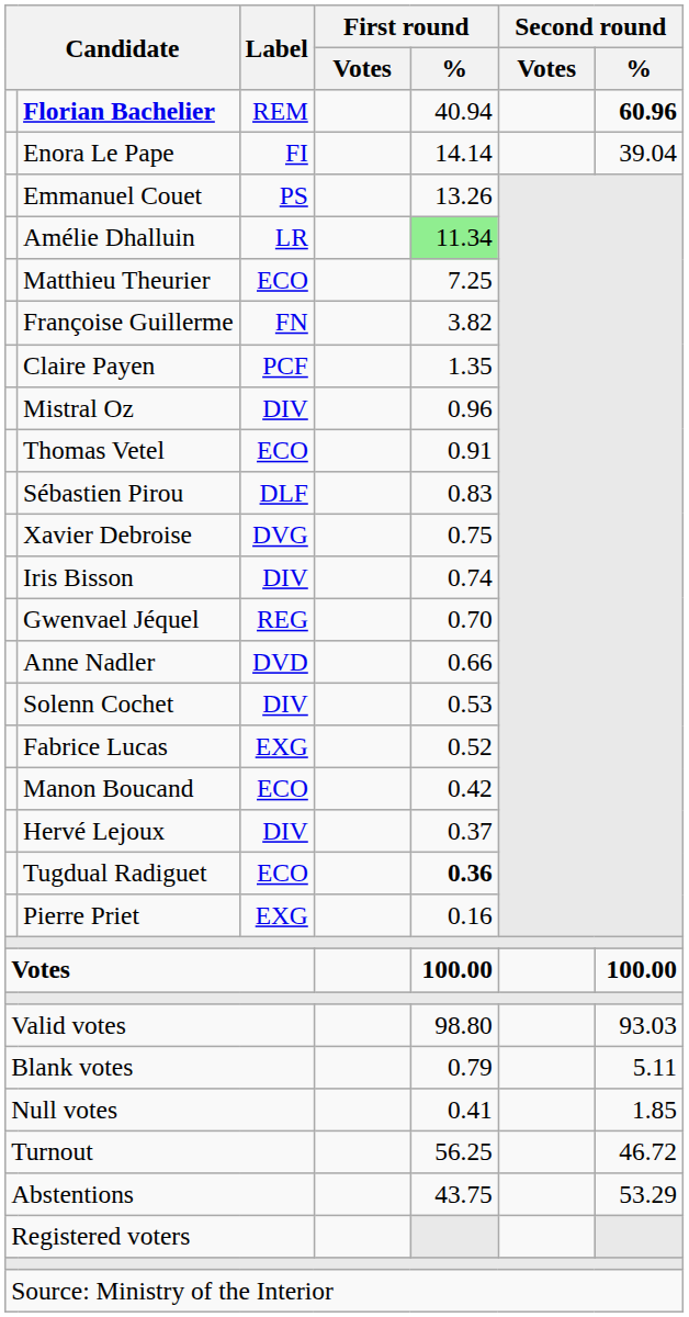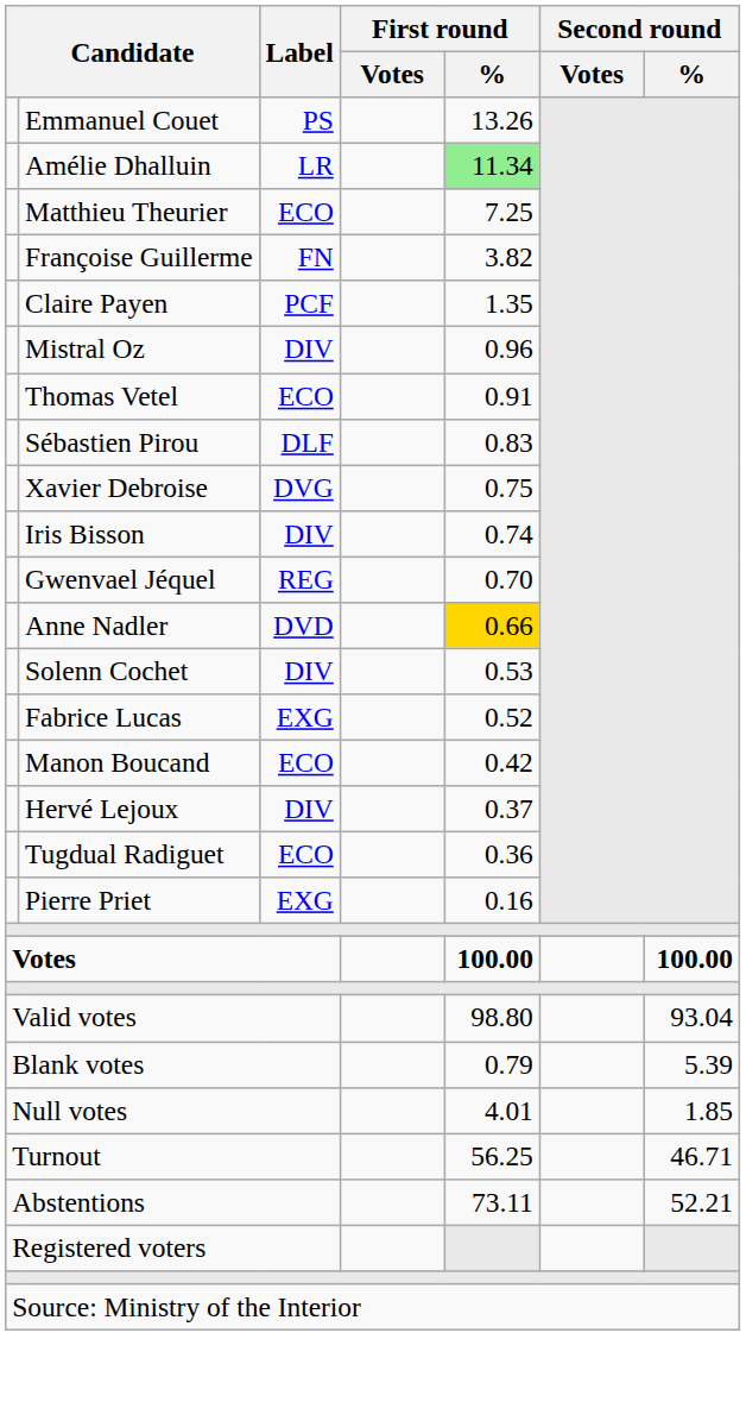 <table class="wikitable" style="text-align:right;font-size:95%;">
 <tr>
 <th rowspan="2" colspan="2">Candidate</th>
 <th rowspan="2">Label</th>
 <th colspan="2">First round</th>
 <th colspan="2">Second round</th>
 </tr>
 <tr>
 <th style="width:50px;">Votes</th>
 <th style="width:45px;">%</th>
 <th style="width:50px;">Votes</th>
 <th style="width:45px;">%</th>
-</tr>
-<tr>
-<td style="color:inherit;background:"></td>
-<td style="text-align:left;"><strong><a href='#'>Florian Bachelier</a></strong></td>
-<td><a href='#'>REM</a></td>
-<td></td>
-<td>40.94</td>
-<td><strong></strong></td>
-<td><strong>60.96</strong></td>
-</tr>
-<tr>
-<td style="color:inherit;background:"></td>
-<td style="text-align:left;">Enora Le Pape</td>
-<td><a href='#'>FI</a></td>
-<td></td>
-<td>14.14</td>
-<td></td>
-<td>39.04</td>
 </tr>
 <tr>
 <td style="color:inherit;background:"></td>
 <td style="text-align:left;">Emmanuel Couet</td>
 <td><a href='#'>PS</a></td>
 <td></td>
 <td>13.26</td>
 <td colspan="2" rowspan="18" style="background:#E9E9E9;"></td>
 </tr>
 <tr>
 <td style="color:inherit;background:"></td>
 <td style="text-align:left;">Amélie Dhalluin</td>
 <td><a href='#'>LR</a></td>
 <td></td>
 <td style="background: lightgreen;">11.34</td>
 </tr>
 <tr>
 <td style="color:inherit;background:"></td>
 <td style="text-align:left;">Matthieu Theurier</td>
 <td><a href='#'>ECO</a></td>
 <td></td>
 <td>7.25</td>
 </tr>
 <tr>
 <td style="color:inherit;background:"></td>
 <td style="text-align:left;">Françoise Guillerme</td>
 <td><a href='#'>FN</a></td>
 <td></td>
 <td>3.82</td>
 </tr>
 <tr>
 <td style="color:inherit;background:"></td>
 <td style="text-align:left;">Claire Payen</td>
 <td><a href='#'>PCF</a></td>
 <td></td>
 <td>1.35</td>
 </tr>
 <tr>
 <td style="color:inherit;background:"></td>
 <td style="text-align:left;">Mistral Oz</td>
 <td><a href='#'>DIV</a></td>
 <td></td>
 <td>0.96</td>
 </tr>
 <tr>
 <td style="color:inherit;background:"></td>
 <td style="text-align:left;">Thomas Vetel</td>
 <td><a href='#'>ECO</a></td>
 <td></td>
 <td>0.91</td>
 </tr>
 <tr>
 <td style="color:inherit;background:"></td>
 <td style="text-align:left;">Sébastien Pirou</td>
 <td><a href='#'>DLF</a></td>
 <td></td>
 <td>0.83</td>
 </tr>
 <tr>
 <td style="color:inherit;background:"></td>
 <td style="text-align:left;">Xavier Debroise</td>
 <td><a href='#'>DVG</a></td>
 <td></td>
 <td>0.75</td>
 </tr>
 <tr>
 <td style="color:inherit;background:"></td>
 <td style="text-align:left;">Iris Bisson</td>
 <td><a href='#'>DIV</a></td>
 <td></td>
 <td>0.74</td>
 </tr>
 <tr>
 <td style="color:inherit;background:"></td>
 <td style="text-align:left;">Gwenvael Jéquel</td>
 <td><a href='#'>REG</a></td>
 <td></td>
 <td>0.70</td>
 </tr>
 <tr>
 <td style="color:inherit;background:"></td>
 <td style="text-align:left;">Anne Nadler</td>
 <td><a href='#'>DVD</a></td>
 <td></td>
-<td>0.66</td>
+<td style="background: gold;">0.66</td>
 </tr>
 <tr>
 <td style="color:inherit;background:"></td>
 <td style="text-align:left;">Solenn Cochet</td>
 <td><a href='#'>DIV</a></td>
 <td></td>
 <td>0.53</td>
 </tr>
 <tr>
 <td style="color:inherit;background:"></td>
 <td style="text-align:left;">Fabrice Lucas</td>
 <td><a href='#'>EXG</a></td>
 <td></td>
 <td>0.52</td>
 </tr>
 <tr>
 <td style="color:inherit;background:"></td>
 <td style="text-align:left;">Manon Boucand</td>
 <td><a href='#'>ECO</a></td>
 <td></td>
 <td>0.42</td>
 </tr>
 <tr>
 <td style="color:inherit;background:"></td>
 <td style="text-align:left;">Hervé Lejoux</td>
 <td><a href='#'>DIV</a></td>
 <td></td>
 <td>0.37</td>
 </tr>
 <tr>
 <td style="color:inherit;background:"></td>
 <td style="text-align:left;">Tugdual Radiguet</td>
 <td><a href='#'>ECO</a></td>
 <td></td>
-<td><strong>0.36</strong></td>
+<td>0.36</td>
 </tr>
 <tr>
 <td style="color:inherit;background:"></td>
 <td style="text-align:left;">Pierre Priet</td>
 <td><a href='#'>EXG</a></td>
 <td></td>
 <td>0.16</td>
 </tr>
 <tr>
 <td colspan="7" style="background:#E9E9E9;"></td>
 </tr>
 <tr style="font-weight:bold;">
 <td colspan="3" style="text-align:left;">Votes</td>
 <td></td>
 <td>100.00</td>
 <td></td>
 <td>100.00</td>
 </tr>
 <tr>
 <td colspan="7" style="background:#E9E9E9;"></td>
 </tr>
 <tr>
 <td colspan="3" style="text-align:left;">Valid votes</td>
 <td></td>
 <td>98.80</td>
 <td></td>
-<td>93.03</td>
+<td>93.04</td>
 </tr>
 <tr>
 <td colspan="3" style="text-align:left;">Blank votes</td>
 <td></td>
 <td>0.79</td>
 <td></td>
-<td>5.11</td>
+<td>5.39</td>
 </tr>
 <tr>
 <td colspan="3" style="text-align:left;">Null votes</td>
 <td></td>
-<td>0.41</td>
+<td>4.01</td>
 <td></td>
 <td>1.85</td>
 </tr>
 <tr>
 <td colspan="3" style="text-align:left;">Turnout</td>
 <td></td>
 <td>56.25</td>
 <td></td>
-<td>46.72</td>
+<td>46.71</td>
 </tr>
 <tr>
 <td colspan="3" style="text-align:left;">Abstentions</td>
 <td></td>
-<td>43.75</td>
+<td>73.11</td>
 <td></td>
-<td>53.29</td>
+<td>52.21</td>
 </tr>
 <tr>
 <td colspan="3" style="text-align:left;">Registered voters</td>
 <td></td>
 <td style="color:inherit;background:#E9E9E9;"></td>
 <td></td>
 <td style="color:inherit;background:#E9E9E9;"></td>
 </tr>
 <tr>
 <td colspan="7" style="background:#E9E9E9;"></td>
 </tr>
 <tr>
 <td colspan="7" style="text-align:left;">Source: Ministry of the Interior</td>
 </tr>
 </table>
